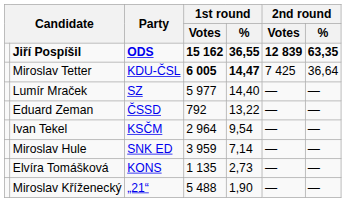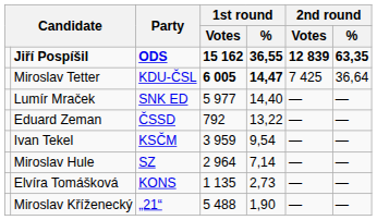 <table class="wikitable sortable">
 <tr>
 <th colspan="2" rowspan="2">Candidate</th>
 <th rowspan="2">Party</th>
 <th colspan="2">1st round</th>
 <th colspan="2">2nd round</th>
 </tr>
 <tr>
 <th>Votes</th>
 <th>%</th>
 <th>Votes</th>
 <th>%</th>
 </tr>
 <tr>
 <td style="background-color:"></td>
 <td><strong>Jiří Pospíšil</strong></td>
 <td><a href='#'><strong>ODS</strong></a></td>
 <td><strong>15 162</strong></td>
 <td><strong>36,55</strong></td>
 <td><strong>12 839</strong></td>
 <td><strong>63,35</strong></td>
 </tr>
 <tr>
 <td style="background-color:"></td>
 <td>Miroslav Tetter</td>
 <td><a href='#'>KDU-ČSL</a></td>
 <td><strong>6 005</strong></td>
 <td><strong>14,47</strong></td>
 <td>7 425</td>
 <td>36,64</td>
 </tr>
 <tr>
 <td style="background-color:"></td>
 <td>Lumír Mraček</td>
-<td><a href='#'>SZ</a></td>
+<td><a href='#'>SNK ED</a></td>
 <td>5 977</td>
 <td>14,40</td>
 <td>—</td>
 <td>—</td>
 </tr>
 <tr>
 <td style="background-color:"></td>
 <td>Eduard Zeman</td>
 <td><a href='#'>ČSSD</a></td>
 <td>792</td>
 <td>13,22</td>
 <td>—</td>
 <td>—</td>
 </tr>
 <tr>
 <td style="background-color:"></td>
 <td>Ivan Tekel</td>
 <td><a href='#'>KSČM</a></td>
-<td>2 964</td>
+<td>3 959</td>
 <td>9,54</td>
 <td>—</td>
 <td>—</td>
 </tr>
 <tr>
 <td style="background-color:"></td>
 <td>Miroslav Hule</td>
-<td><a href='#'>SNK ED</a></td>
-<td>3 959</td>
+<td><a href='#'>SZ</a></td>
+<td>2 964</td>
 <td>7,14</td>
 <td>—</td>
 <td>—</td>
 </tr>
 <tr>
 <td style="background-color:"></td>
 <td>Elvíra Tomášková</td>
 <td><a href='#'>KONS</a></td>
 <td>1 135</td>
 <td>2,73</td>
 <td>—</td>
 <td>—</td>
 </tr>
 <tr>
 <td style="background-color:"></td>
 <td>Miroslav Kříženecký</td>
 <td><a href='#'>„21“</a></td>
 <td>5 488</td>
 <td>1,90</td>
 <td>—</td>
 <td>—</td>
 </tr>
 </table>
